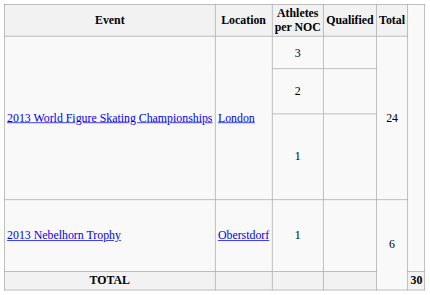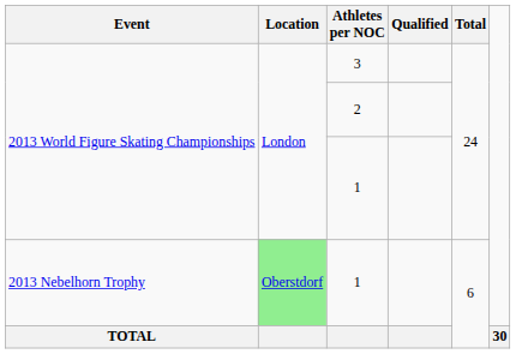 <table class="wikitable">
 <tr>
 <th>Event</th>
 <th>Location</th>
 <th>Athletes <br> per NOC</th>
 <th>Qualified</th>
 <th>Total</th>
 </tr>
 <tr>
 <td rowspan = 3><a href='#'>2013 World Figure Skating Championships</a></td>
 <td rowspan = 3> <a href='#'>London</a></td>
 <td align="center">3</td>
 <td><br><br></td>
 <td rowspan = 3 align="center">24</td>
 </tr>
 <tr>
 <td align="center">2</td>
 <td><br><br><br></td>
 </tr>
 <tr>
 <td align="center">1</td>
 <td><br><br><br><br><br><br></td>
 </tr>
 <tr>
 <td><a href='#'>2013 Nebelhorn Trophy</a></td>
-<td> <a href='#'>Oberstdorf</a></td>
+<td style="background: lightgreen;"> <a href='#'>Oberstdorf</a></td>
 <td align="center">1</td>
 <td><br><br><br><br><br></td>
 <td rowspan = 3 align="center">6</td>
 </tr>
 <tr>
 <th>TOTAL</th>
 <th></th>
 <th></th>
 <th></th>
 <th>30</th>
 </tr>
 </table>
